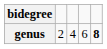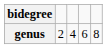 <table class="wikitable" style="text-align: center; margin: auto;">
 <tr>
 <th>bidegree</th>
 <td></td>
 <td></td>
 <td></td>
 <td></td>
 </tr>
 <tr>
 <th>genus</th>
 <td>2</td>
 <td>4</td>
 <td>6</td>
-<td><strong>8</strong></td>
+<td>8</td>
 </tr>
 </table>
